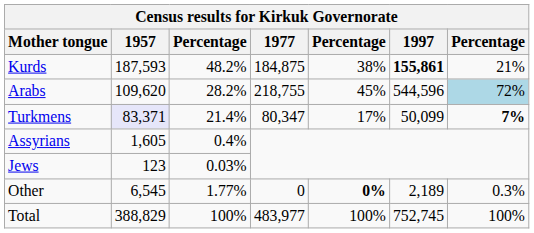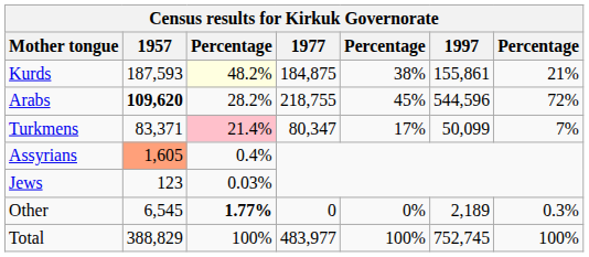 <table class="wikitable sortable">
 <tr>
 <th colspan=8 align="center">Census results for Kirkuk Governorate</th>
 </tr>
 <tr align="center">
 <th>Mother tongue</th>
 <th>1957</th>
 <th>Percentage</th>
 <th>1977</th>
 <th>Percentage</th>
 <th>1997</th>
 <th>Percentage</th>
 </tr>
 <tr>
 <td><a href='#'>Kurds</a></td>
 <td align="right">187,593</td>
-<td align="right">48.2%</td>
+<td align="right" style="background: lightyellow;">48.2%</td>
 <td align="right">184,875</td>
 <td align="right">38%</td>
-<td align="right"><strong>155,861</strong></td>
+<td align="right">155,861</td>
 <td align="right">21%</td>
 </tr>
 <tr>
 <td><a href='#'>Arabs</a></td>
-<td align="right">109,620</td>
+<td align="right"><strong>109,620</strong></td>
 <td align="right">28.2%</td>
 <td align="right">218,755</td>
 <td align="right">45%</td>
 <td align="right">544,596</td>
-<td align="right" style="background: lightblue;">72%</td>
+<td align="right">72%</td>
 </tr>
 <tr>
 <td><a href='#'>Turkmens</a></td>
-<td align="right" style="background: lavender;">83,371</td>
-<td align="right">21.4%</td>
+<td align="right">83,371</td>
+<td align="right" style="background: pink;">21.4%</td>
 <td align="right">80,347</td>
 <td align="right">17%</td>
 <td align="right">50,099</td>
-<td align="right"><strong>7%</strong></td>
+<td align="right">7%</td>
 </tr>
 <tr>
 <td><a href='#'>Assyrians</a></td>
-<td align="right">1,605</td>
+<td align="right" style="background: lightsalmon;">1,605</td>
 <td align="right">0.4%</td>
 </tr>
 <tr>
 <td><a href='#'>Jews</a></td>
 <td align="right">123</td>
 <td align="right">0.03%</td>
 </tr>
 <tr>
 <td>Other</td>
 <td align="right">6,545</td>
-<td align="right">1.77%</td>
+<td align="right"><strong>1.77%</strong></td>
 <td align="right">0</td>
-<td align="right"><strong>0%</strong></td>
+<td align="right">0%</td>
 <td align="right">2,189</td>
 <td align="right">0.3%</td>
 </tr>
 <tr>
 <td>Total</td>
 <td align="right">388,829</td>
 <td align="right">100%</td>
 <td align="right">483,977</td>
 <td align="right">100%</td>
 <td align="right">752,745</td>
 <td align="right">100%</td>
 </tr>
 </table>
